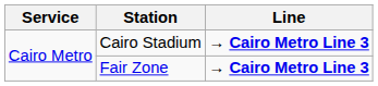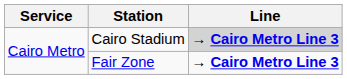 <table class="wikitable">
 <tr>
 <th>Service</th>
 <th>Station</th>
 <th>Line</th>
 </tr>
 <tr>
 <td rowspan="2"> <a href='#'>Cairo Metro</a></td>
 <td>Cairo Stadium </td>
-<td><span>→</span> <a href='#'><span><strong>Cairo Metro Line 3</strong></span></a></td>
+<td style="background: lightgrey;"><span>→</span> <a href='#'><span><strong>Cairo Metro Line 3</strong></span></a></td>
 </tr>
 <tr>
 <td><a href='#'>Fair Zone</a> </td>
 <td><span>→</span> <a href='#'><span><strong>Cairo Metro Line 3</strong></span></a></td>
 </tr>
 </table>
